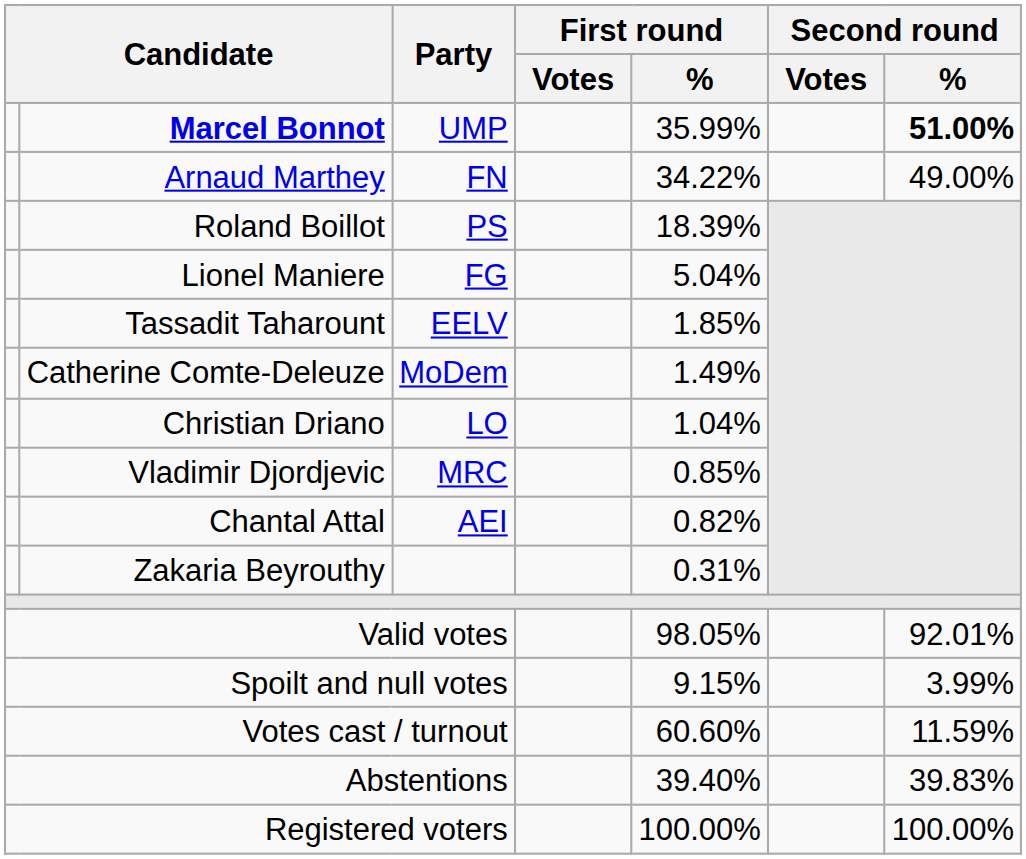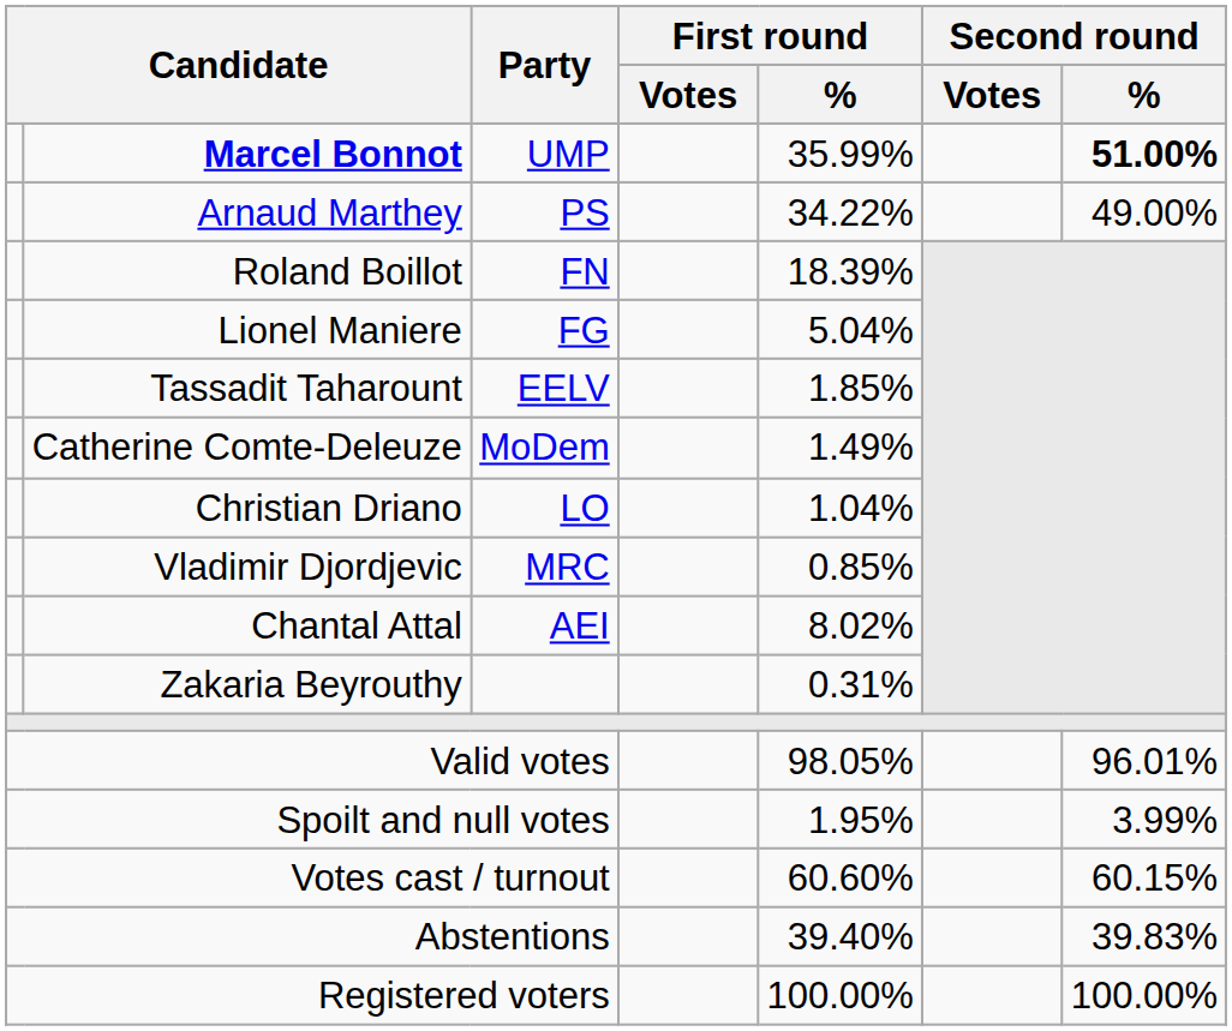 <table class="wikitable" style="text-align:right;font-size:95%;">
 <tr>
 <th rowspan=2 colspan=2>Candidate</th>
 <th rowspan=2 colspan=1>Party</th>
 <th colspan=2>First round</th>
 <th colspan=2>Second round</th>
 </tr>
 <tr>
 <th style="width:50px;">Votes</th>
 <th style="width:55px;">%</th>
 <th style="width:50px;">Votes</th>
 <th style="width:55px;">%</th>
 </tr>
 <tr>
 <td style="color:inherit;background-color:"></td>
 <td><strong><a href='#'>Marcel Bonnot</a></strong></td>
 <td><a href='#'>UMP</a></td>
 <td></td>
 <td>35.99%</td>
 <td><strong></strong></td>
 <td><strong>51.00%</strong></td>
 </tr>
 <tr>
 <td style="color:inherit;background-color:"></td>
 <td><a href='#'>Arnaud Marthey</a></td>
-<td><a href='#'>FN</a></td>
+<td><a href='#'>PS</a></td>
 <td></td>
 <td>34.22%</td>
 <td></td>
 <td>49.00%</td>
 </tr>
 <tr>
 <td style="color:inherit;background-color:"></td>
 <td>Roland Boillot</td>
-<td><a href='#'>PS</a></td>
+<td><a href='#'>FN</a></td>
 <td></td>
 <td>18.39%</td>
 <td colspan=7 rowspan=8 style="background-color:#E9E9E9;"></td>
 </tr>
 <tr>
 <td style="color:inherit;background-color:"></td>
 <td>Lionel Maniere</td>
 <td><a href='#'>FG</a></td>
 <td></td>
 <td>5.04%</td>
 </tr>
 <tr>
 <td style="color:inherit;background-color:"></td>
 <td>Tassadit Taharount</td>
 <td><a href='#'>EELV</a></td>
 <td></td>
 <td>1.85%</td>
 </tr>
 <tr>
 <td style="color:inherit;background-color:"></td>
 <td>Catherine Comte-Deleuze</td>
 <td><a href='#'>MoDem</a></td>
 <td></td>
 <td>1.49%</td>
 </tr>
 <tr>
 <td style="color:inherit;background-color:"></td>
 <td>Christian Driano</td>
 <td><a href='#'>LO</a></td>
 <td></td>
 <td>1.04%</td>
 </tr>
 <tr>
 <td style="color:inherit;background-color:"></td>
 <td>Vladimir Djordjevic</td>
 <td><a href='#'>MRC</a></td>
 <td></td>
 <td>0.85%</td>
 </tr>
 <tr>
 <td style="color:inherit;background-color:"></td>
 <td>Chantal Attal</td>
 <td><a href='#'>AEI</a></td>
 <td></td>
-<td>0.82%</td>
+<td>8.02%</td>
 </tr>
 <tr>
 <td style="background-color:;"></td>
 <td>Zakaria Beyrouthy</td>
 <td></td>
 <td></td>
 <td>0.31%</td>
 </tr>
 <tr>
 <td colspan=7 style="background-color:#E9E9E9;"></td>
 </tr>
 <tr>
 <td colspan=3>Valid votes</td>
 <td></td>
 <td>98.05%</td>
 <td></td>
-<td>92.01%</td>
+<td>96.01%</td>
 </tr>
 <tr>
 <td colspan=3>Spoilt and null votes</td>
 <td></td>
-<td>9.15%</td>
+<td>1.95%</td>
 <td></td>
 <td>3.99%</td>
 </tr>
 <tr>
 <td colspan=3>Votes cast / turnout</td>
 <td></td>
 <td>60.60%</td>
 <td></td>
-<td>11.59%</td>
+<td>60.15%</td>
 </tr>
 <tr>
 <td colspan=3>Abstentions</td>
 <td></td>
 <td>39.40%</td>
 <td></td>
 <td>39.83%</td>
 </tr>
 <tr>
 <td colspan=3>Registered voters</td>
 <td></td>
 <td>100.00%</td>
 <td></td>
 <td>100.00%</td>
 </tr>
 </table>
